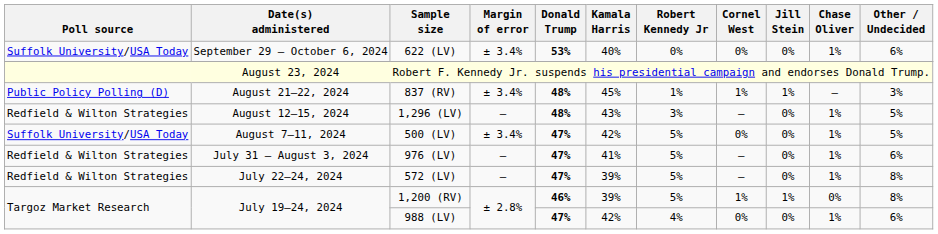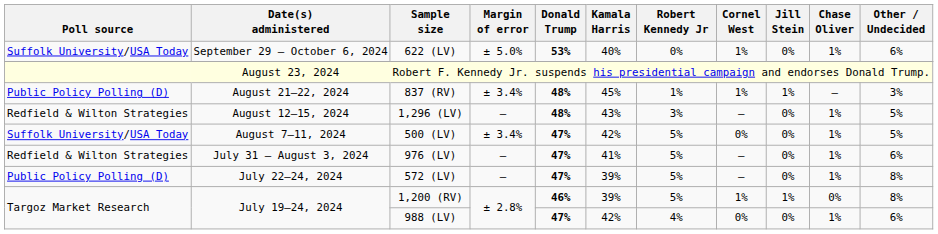 <table class="wikitable sortable mw-datatable" style="font-size:90%;text-align:center;line-height:17px">
 <tr valign=bottom>
 <th>Poll source</th>
 <th>Date(s)<br>administered</th>
 <th>Sample<br>size</th>
 <th>Margin<br>of error</th>
 <th class="unsortable">Donald<br>Trump<br></th>
 <th class="unsortable">Kamala<br>Harris<br></th>
 <th class="unsortable">Robert<br>Kennedy Jr<br></th>
 <th class="unsortable">Cornel<br>West<br></th>
 <th class="unsortable">Jill<br>Stein<br></th>
 <th class="unsortable">Chase<br>Oliver<br></th>
 <th class="unsortable">Other /<br>Undecided</th>
 </tr>
 <tr>
 <td style="text-align:left;"><a href='#'>Suffolk University</a>/<a href='#'>USA Today</a></td>
 <td data-sort-value="2024-10-06">September 29 – October 6, 2024</td>
 <td>622 (LV)</td>
-<td>± 3.4%</td>
+<td>± 5.0%</td>
 <td style="background-color:"><strong>53%</strong></td>
 <td>40%</td>
 <td>0%</td>
-<td>0%</td>
+<td>1%</td>
 <td>0%</td>
 <td>1%</td>
 <td>6%</td>
 </tr>
 <tr>
 </tr>
 <tr style="background:lightyellow;">
 <td style="border-right-style:hidden; background:lightyellow;"></td>
 <td style="border-right-style:hidden; " data-sort-value="2024-07-21">August 23, 2024</td>
 <td colspan="9">Robert F. Kennedy Jr. suspends <a href='#'>his presidential campaign</a> and endorses Donald Trump.</td>
 </tr>
 <tr>
 <td style="text-align:left;"><a href='#'>Public Policy Polling (D)</a></td>
 <td data-sort-value="2024-08-27">August 21–22, 2024</td>
 <td>837 (RV)</td>
 <td>± 3.4%</td>
 <td style="background-color:"><strong>48%</strong></td>
 <td>45%</td>
 <td>1%</td>
 <td>1%</td>
 <td>1%</td>
 <td>–</td>
 <td>3%</td>
 </tr>
 <tr>
 <td style="text-align:left;">Redfield & Wilton Strategies</td>
 <td data-sort-value="2024-08-15">August 12–15, 2024</td>
 <td>1,296 (LV)</td>
 <td>–</td>
 <td style="background-color:"><strong>48%</strong></td>
 <td>43%</td>
 <td>3%</td>
 <td>–</td>
 <td>0%</td>
 <td>1%</td>
 <td>5%</td>
 </tr>
 <tr>
 <td style="text-align:left;"><a href='#'>Suffolk University</a>/<a href='#'>USA Today</a></td>
 <td data-sort-value="2024-08-14">August 7–11, 2024</td>
 <td>500 (LV)</td>
 <td>± 3.4%</td>
 <td style="background-color:"><strong>47%</strong></td>
 <td>42%</td>
 <td>5%</td>
 <td>0%</td>
 <td>0%</td>
 <td>1%</td>
 <td>5%</td>
 </tr>
 <tr>
 <td style="text-align:left;">Redfield & Wilton Strategies</td>
 <td data-sort-value="2024-08-03">July 31 – August 3, 2024</td>
 <td>976 (LV)</td>
 <td>–</td>
 <td style="background-color:"><strong>47%</strong></td>
 <td>41%</td>
 <td>5%</td>
 <td>–</td>
 <td>0%</td>
 <td>1%</td>
 <td>6%</td>
 </tr>
 <tr>
-<td style="text-align:left;">Redfield & Wilton Strategies</td>
+<td style="text-align:left;"><a href='#'>Public Policy Polling (D)</a></td>
 <td data-sort-value="2024-07-26">July 22–24, 2024</td>
 <td>572 (LV)</td>
 <td>–</td>
 <td style="background-color:"><strong>47%</strong></td>
 <td>39%</td>
 <td>5%</td>
 <td>–</td>
 <td>0%</td>
 <td>1%</td>
 <td>8%</td>
 </tr>
 <tr>
 <td rowspan=2; style="text-align:left;">Targoz Market Research</td>
 <td rowspan=2;>July 19–24, 2024</td>
 <td>1,200 (RV)</td>
 <td rowspan=2;>± 2.8%</td>
 <td style="background-color:"><strong>46%</strong></td>
 <td>39%</td>
 <td>5%</td>
 <td>1%</td>
 <td>1%</td>
 <td>0%</td>
 <td>8%</td>
 </tr>
 <tr>
 <td>988 (LV)</td>
 <td style="background-color:"><strong>47%</strong></td>
 <td>42%</td>
 <td>4%</td>
 <td>0%</td>
 <td>0%</td>
 <td>1%</td>
 <td>6%</td>
 </tr>
 </table>
